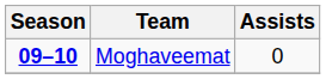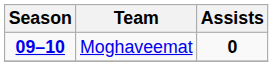 <table class="wikitable" style="text-align: center;">
 <tr>
 <th>Season</th>
 <th>Team</th>
 <th>Assists</th>
 </tr>
 <tr>
 <td><strong><a href='#'>09–10</a></strong></td>
 <td align="left"><a href='#'>Moghaveemat</a></td>
-<td>0</td>
+<td><strong>0</strong></td>
 </tr>
 <tr>
 </tr>
 </table>
